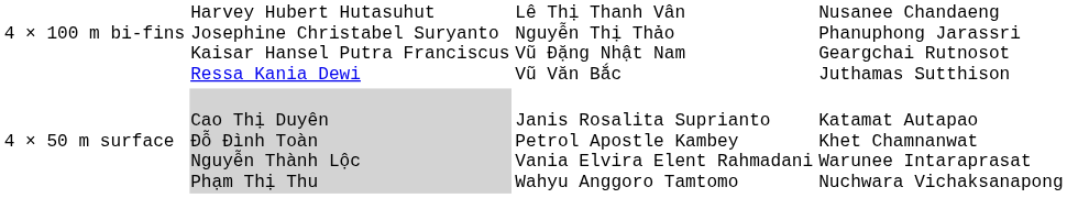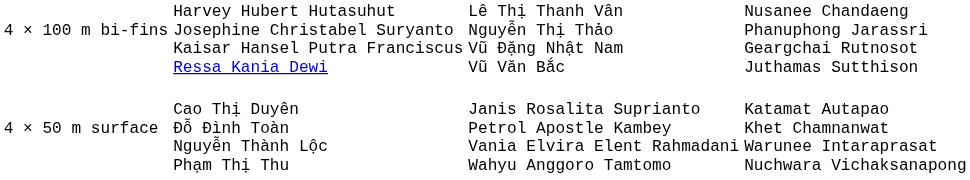 <table>
 <tr>
 <td>4 × 100 m bi-fins</td>
 <td nowrap><br>Harvey Hubert Hutasuhut<br>Josephine Christabel Suryanto<br>Kaisar Hansel Putra Franciscus<br><a href='#'>Ressa Kania Dewi</a></td>
 <td><br>Lê Thị Thanh Vân<br>Nguyễn Thị Thảo<br>Vũ Đặng Nhật Nam<br>Vũ Văn Bắc</td>
 <td><br>Nusanee Chandaeng<br>Phanuphong Jarassri<br>Geargchai Rutnosot<br>Juthamas Sutthison</td>
 </tr>
 <tr>
 <td>4 × 50 m surface</td>
-<td style="background: lightgrey;"><br>Cao Thị Duyên<br>Đỗ Đình Toàn<br>Nguyễn Thành Lộc<br>Phạm Thị Thu</td>
+<td><br>Cao Thị Duyên<br>Đỗ Đình Toàn<br>Nguyễn Thành Lộc<br>Phạm Thị Thu</td>
 <td nowrap><br>Janis Rosalita Suprianto<br>Petrol Apostle Kambey<br>Vania Elvira Elent Rahmadani<br>Wahyu Anggoro Tamtomo</td>
 <td nowrap><br>Katamat Autapao<br>Khet Chamnanwat<br>Warunee Intaraprasat<br>Nuchwara Vichaksanapong</td>
 </tr>
 </table>
